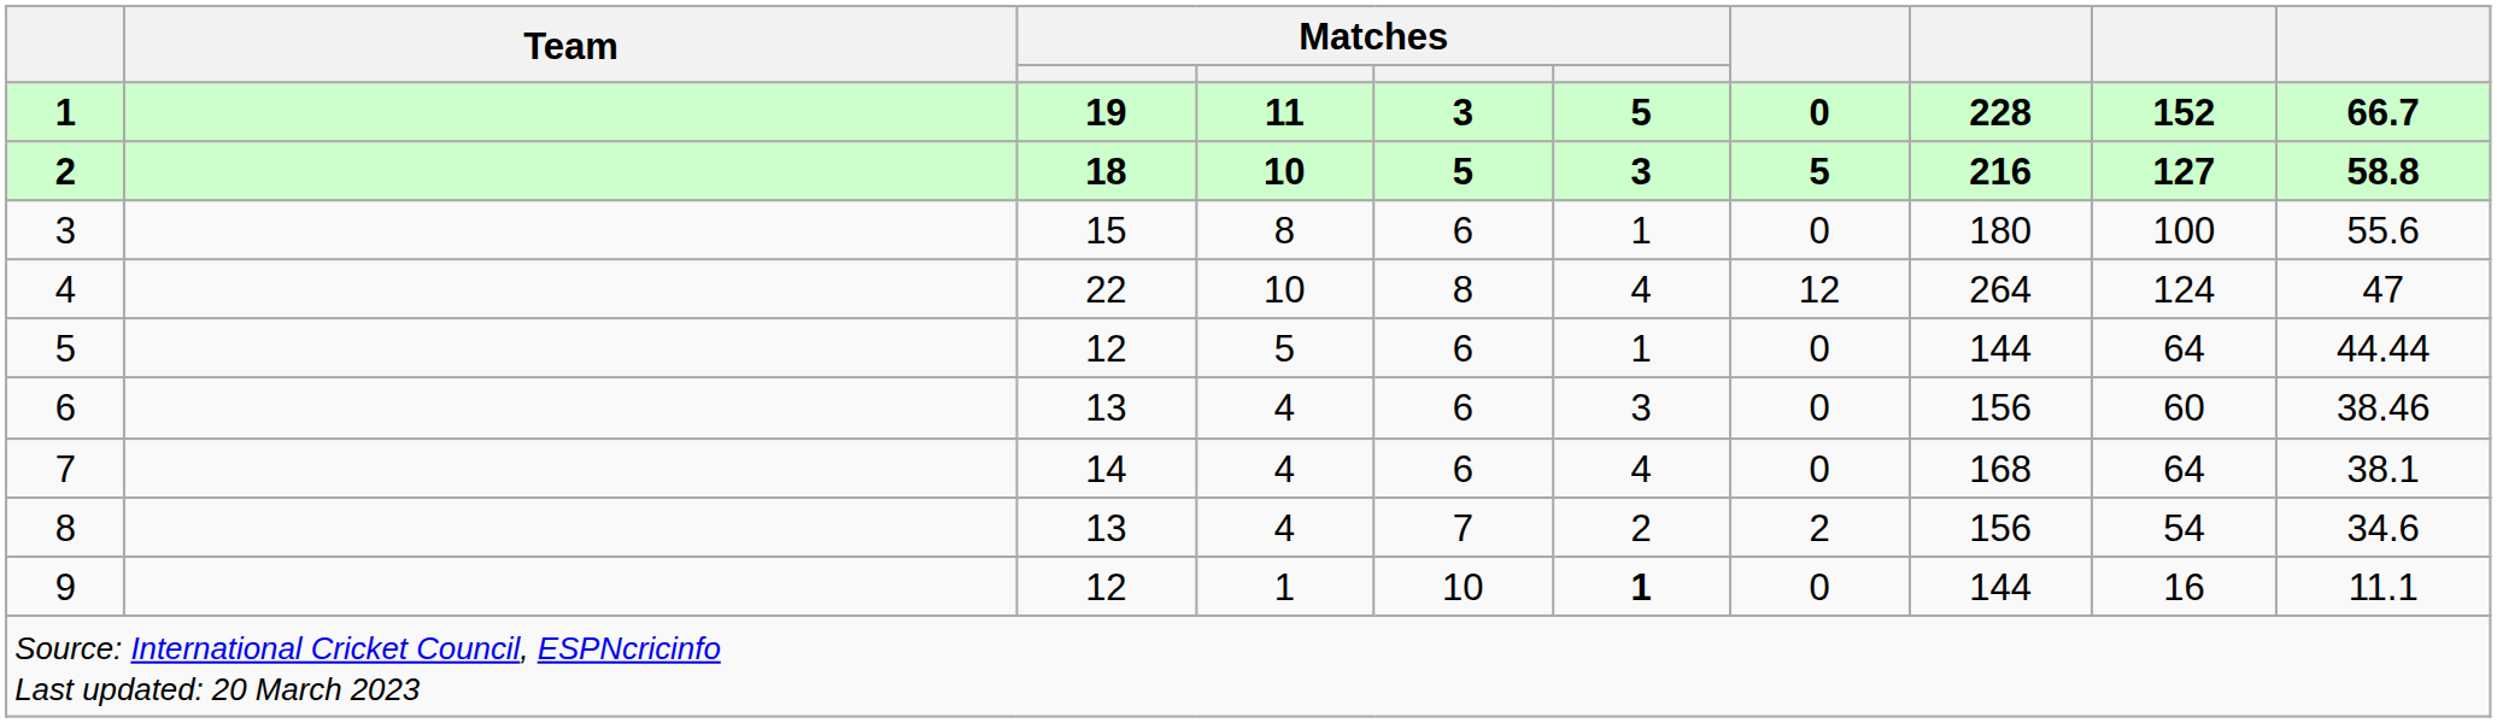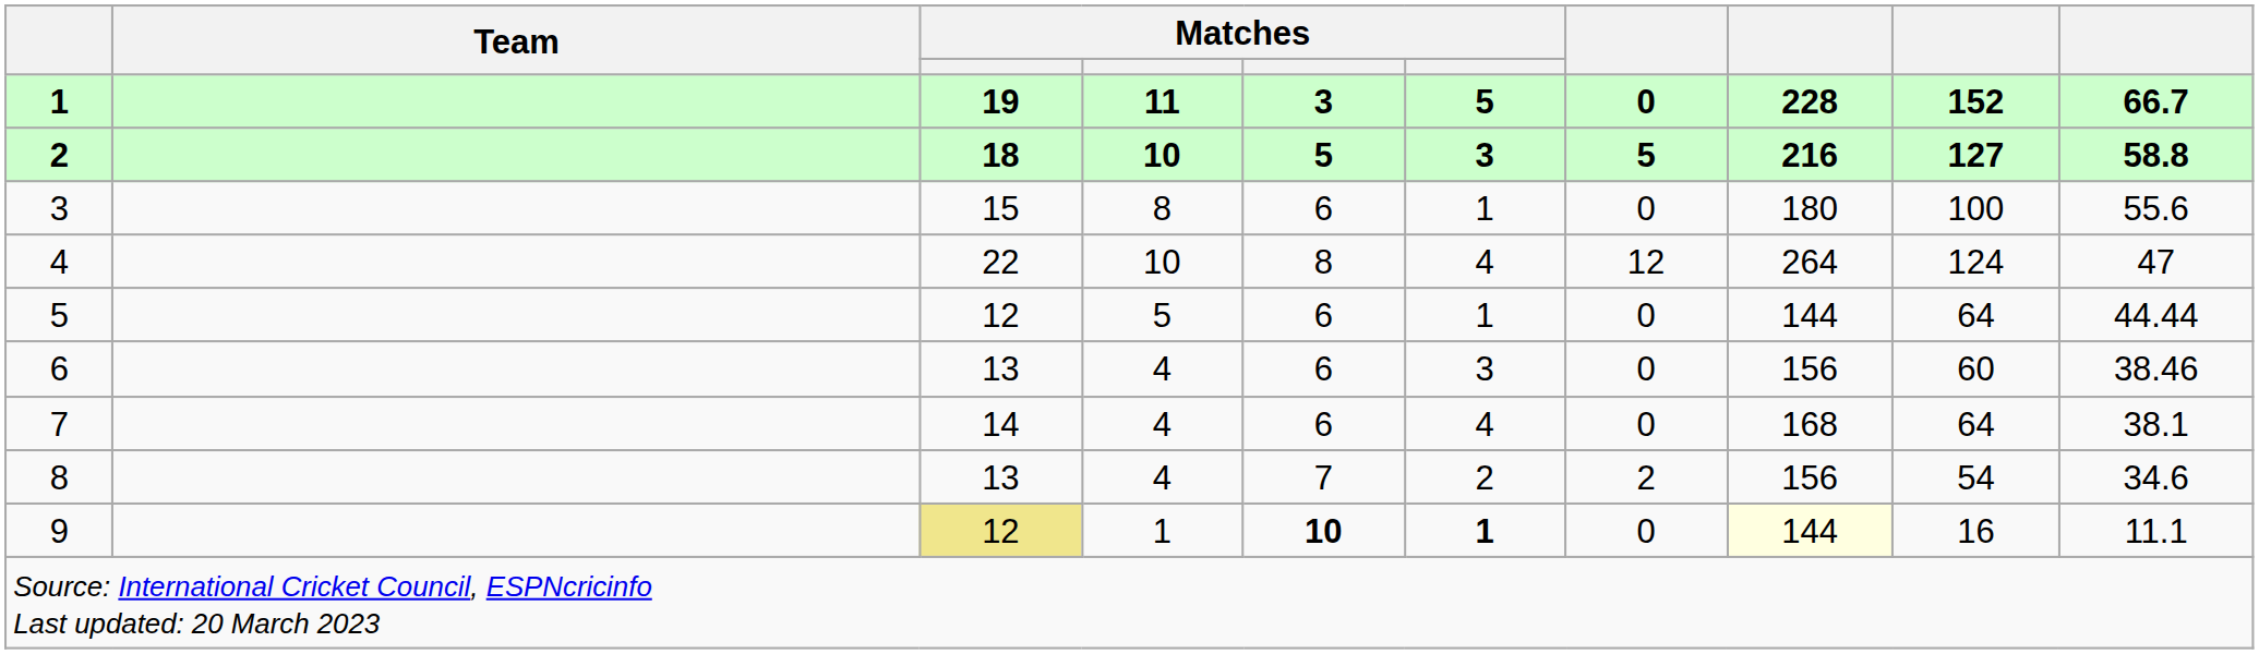 <table class="wikitable sortable"  style="width:80%; font-size:95%; text-align:center;">
 <tr>
 <th style="width:2%;" rowspan="2"></th>
 <th style="width:15%;" rowspan="2">Team</th>
 <th colspan="4" style="width:5%;">Matches</th>
 <th style="width:3%;" rowspan="2"></th>
 <th style="width:3%;" rowspan="2"></th>
 <th style="width:3%;" rowspan="2"></th>
 <th style="width:3%;" rowspan="2"></th>
 </tr>
 <tr>
 <th style="width:3%;"></th>
 <th style="width:3%;"></th>
 <th style="width:3%;"></th>
 <th style="width:3%;"></th>
 </tr>
 <tr style="font-weight:bold; background:#cfc;">
 <td>1</td>
 <td style="text-align:left;"></td>
 <td>19</td>
 <td>11</td>
 <td>3</td>
 <td>5</td>
 <td>0</td>
 <td>228</td>
 <td>152</td>
 <td>66.7</td>
 </tr>
 <tr style="font-weight:bold; background:#cfc;">
 <td>2</td>
 <td style="text-align:left;"></td>
 <td>18</td>
 <td>10</td>
 <td>5</td>
 <td>3</td>
 <td>5</td>
 <td>216</td>
 <td>127</td>
 <td>58.8</td>
 </tr>
 <tr>
 <td>3</td>
 <td style="text-align:left;"></td>
 <td>15</td>
 <td>8</td>
 <td>6</td>
 <td>1</td>
 <td>0</td>
 <td>180</td>
 <td>100</td>
 <td>55.6</td>
 </tr>
 <tr>
 <td>4</td>
 <td style="text-align:left;"></td>
 <td>22</td>
 <td>10</td>
 <td>8</td>
 <td>4</td>
 <td>12</td>
 <td>264</td>
 <td>124</td>
 <td>47</td>
 </tr>
 <tr>
 <td>5</td>
 <td style="text-align:left;"></td>
 <td>12</td>
 <td>5</td>
 <td>6</td>
 <td>1</td>
 <td>0</td>
 <td>144</td>
 <td>64</td>
 <td>44.44</td>
 </tr>
 <tr>
 <td>6</td>
 <td style="text-align:left;"></td>
 <td>13</td>
 <td>4</td>
 <td>6</td>
 <td>3</td>
 <td>0</td>
 <td>156</td>
 <td>60</td>
 <td>38.46</td>
 </tr>
 <tr>
 <td>7</td>
 <td style="text-align:left;"></td>
 <td>14</td>
 <td>4</td>
 <td>6</td>
 <td>4</td>
 <td>0</td>
 <td>168</td>
 <td>64</td>
 <td>38.1</td>
 </tr>
 <tr>
 <td>8</td>
 <td style="text-align:left;"></td>
 <td>13</td>
 <td>4</td>
 <td>7</td>
 <td>2</td>
 <td>2</td>
 <td>156</td>
 <td>54</td>
 <td>34.6</td>
 </tr>
 <tr>
 <td>9</td>
 <td style="text-align:left;"></td>
-<td>12</td>
+<td style="background: khaki;">12</td>
 <td>1</td>
-<td>10</td>
+<td><strong>10</strong></td>
 <td><strong>1</strong></td>
 <td>0</td>
-<td>144</td>
+<td style="background: lightyellow;">144</td>
 <td>16</td>
 <td>11.1</td>
 </tr>
 <tr class=sortbottom>
 <td colspan="10" style="text-align:left;"><small><em>Source: <a href='#'>International Cricket Council</a>, <a href='#'>ESPNcricinfo</a><br>Last updated: 20 March 2023</em></small></td>
 </tr>
 </table>
